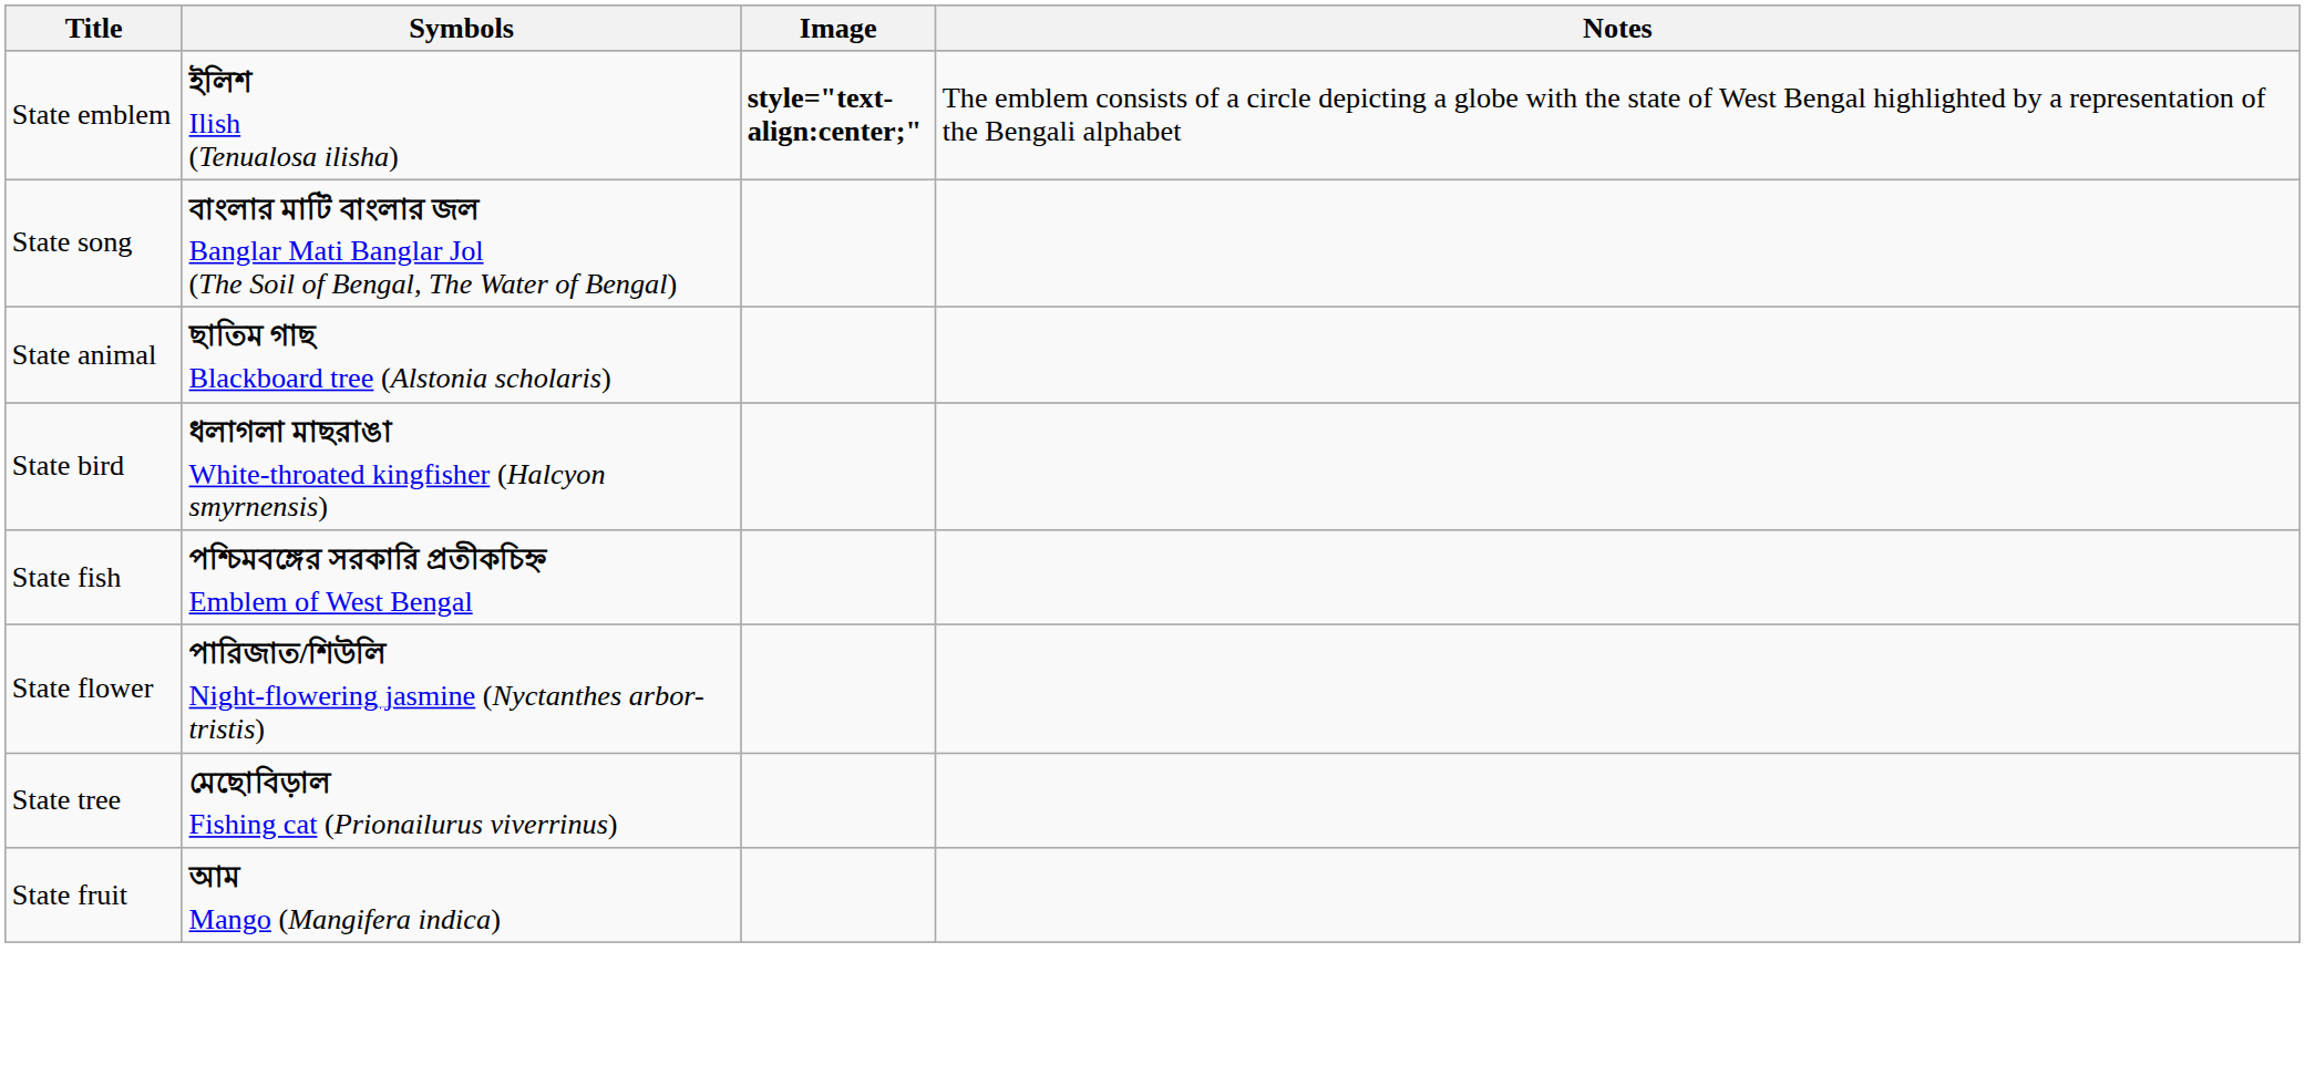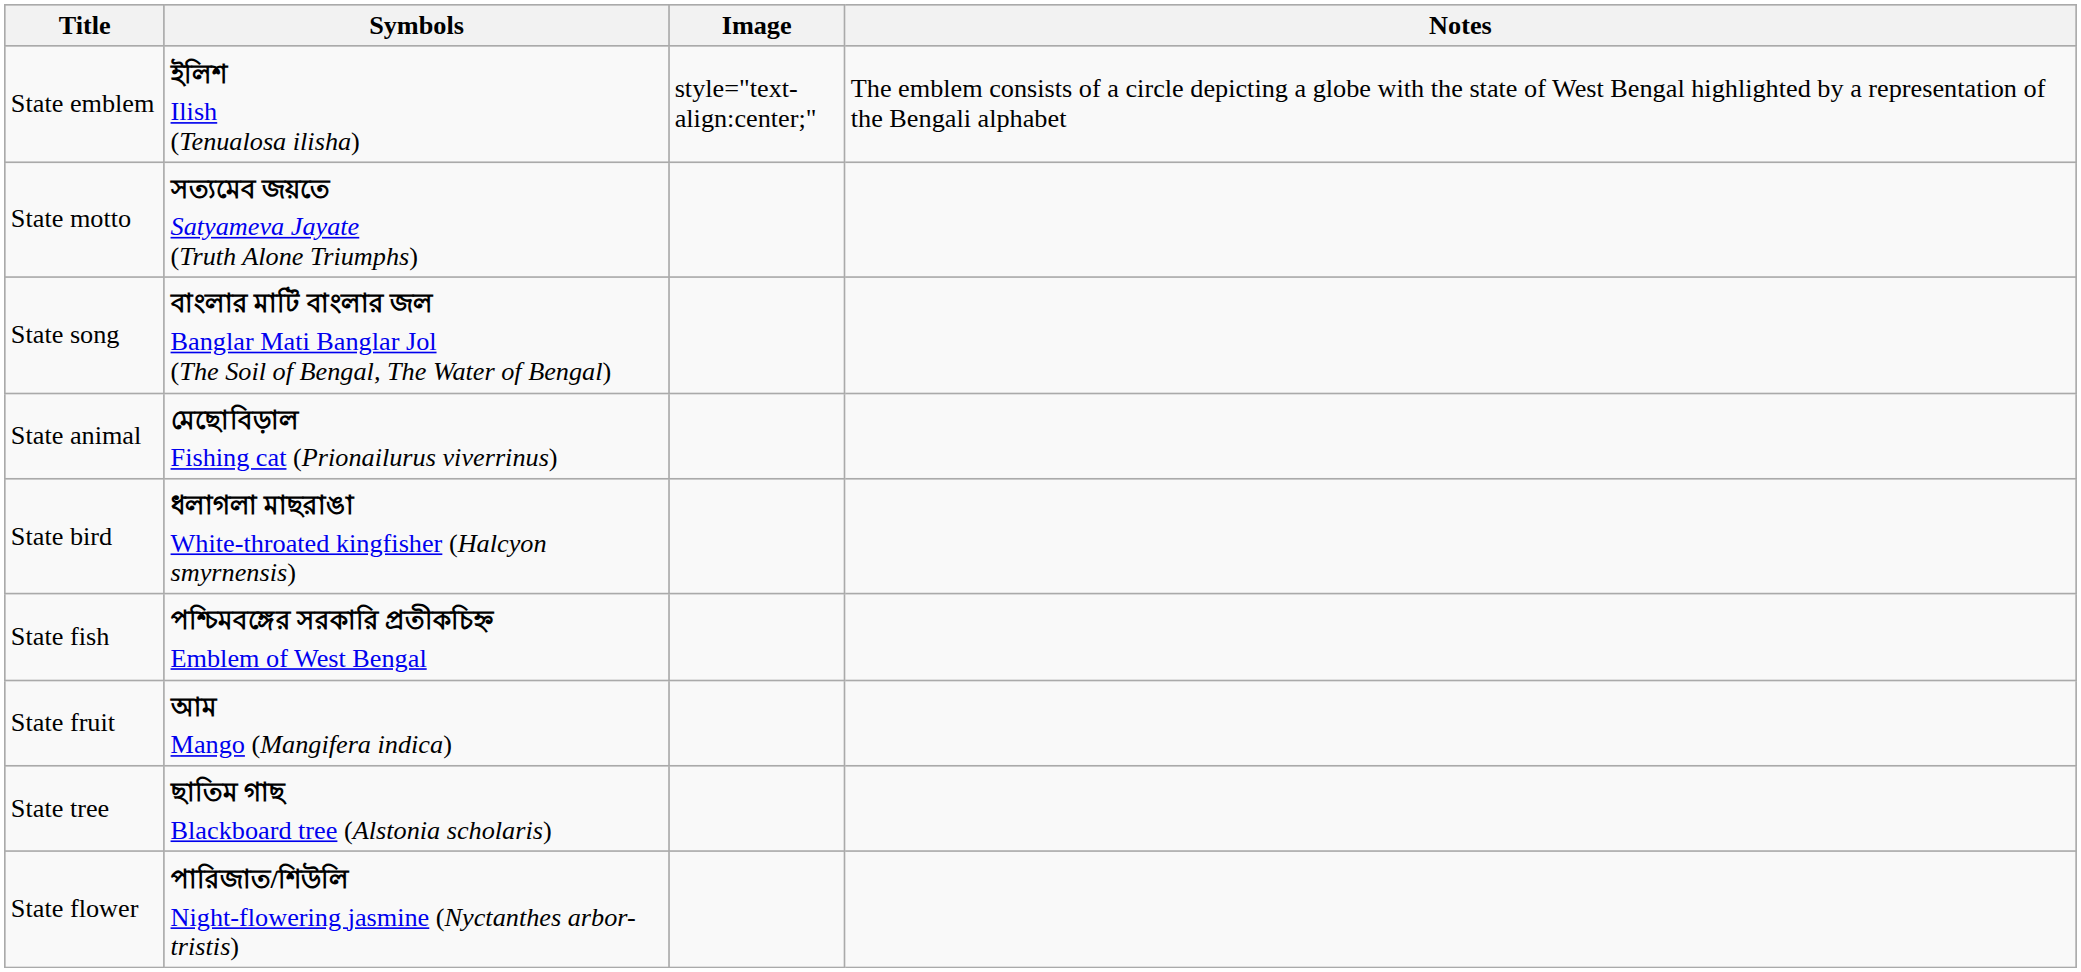 <table class="wikitable" style="width: 100%;">
 <tr>
 <th width=90>Title</th>
 <th style="width:300px;">Symbols</th>
 <th width=100>Image</th>
 <th>Notes</th>
 </tr>
 <tr>
 <td>State emblem</td>
 <td><strong>ইলিশ</strong> <br><a href='#'>Ilish</a> <br>(<em>Tenualosa ilisha</em>)</td>
-<td><strong>style="text-align:center;"</strong></td>
+<td>style="text-align:center;"</td>
 <td>The emblem consists of a circle depicting a globe with the state of West Bengal highlighted by a representation of the Bengali alphabet</td>
+</tr>
+<tr>
+<td>State motto</td>
+<td><strong>সত্যমেব জয়তে</strong>  <br> <em><a href='#'>Satyameva Jayate</a></em><br> (<em>Truth Alone Triumphs</em>)</td>
+<td></td>
+<td></td>
 </tr>
 <tr>
 <td>State song</td>
 <td><strong>বাংলার মাটি বাংলার জল</strong> <br><a href='#'>Banglar Mati Banglar Jol</a> <br>(<em>The Soil of Bengal, The Water of Bengal</em>)</td>
 <td style="text-align:center;"></td>
 <td></td>
 </tr>
 <tr>
 <td>State animal</td>
-<td><strong>ছাতিম গাছ</strong> <br><a href='#'>Blackboard tree</a> (<em>Alstonia scholaris</em>)</td>
+<td><strong>মেছোবিড়াল</strong> <br><a href='#'>Fishing cat</a> (<em>Prionailurus viverrinus</em>)</td>
 <td align=center></td>
 <td></td>
 </tr>
 <tr>
 <td>State bird</td>
 <td><strong>ধলাগলা মাছরাঙা</strong> <br><a href='#'>White-throated kingfisher</a> (<em>Halcyon smyrnensis</em>)</td>
 <td align=center></td>
 <td></td>
 </tr>
 <tr>
 <td>State fish</td>
 <td><strong>পশ্চিমবঙ্গের সরকারি প্রতীকচিহ্ন</strong><br><a href='#'>Emblem of West Bengal</a></td>
 <td align=center></td>
 <td></td>
 </tr>
 <tr>
+<td>State fruit</td>
+<td><strong>আম</strong> <br><a href='#'>Mango</a> (<em>Mangifera indica</em>)</td>
+<td></td>
+<td></td>
+</tr>
+<tr>
+<td>State tree</td>
+<td><strong>ছাতিম গাছ</strong> <br><a href='#'>Blackboard tree</a> (<em>Alstonia scholaris</em>)</td>
+<td align=center></td>
+<td></td>
+</tr>
+<tr>
 <td>State flower</td>
 <td><strong>পারিজাত/শিউলি</strong> <br><a href='#'>Night-flowering jasmine</a> (<em>Nyctanthes arbor-tristis</em>)</td>
 <td align=center></td>
 <td></td>
 </tr>
-<tr>
-<td>State tree</td>
-<td><strong>মেছোবিড়াল</strong> <br><a href='#'>Fishing cat</a> (<em>Prionailurus viverrinus</em>)</td>
-<td align=center></td>
-<td></td>
-</tr>
-<tr>
-<td>State fruit</td>
-<td><strong>আম</strong> <br><a href='#'>Mango</a> (<em>Mangifera indica</em>)</td>
-<td></td>
-<td></td>
-</tr>
 </table>
